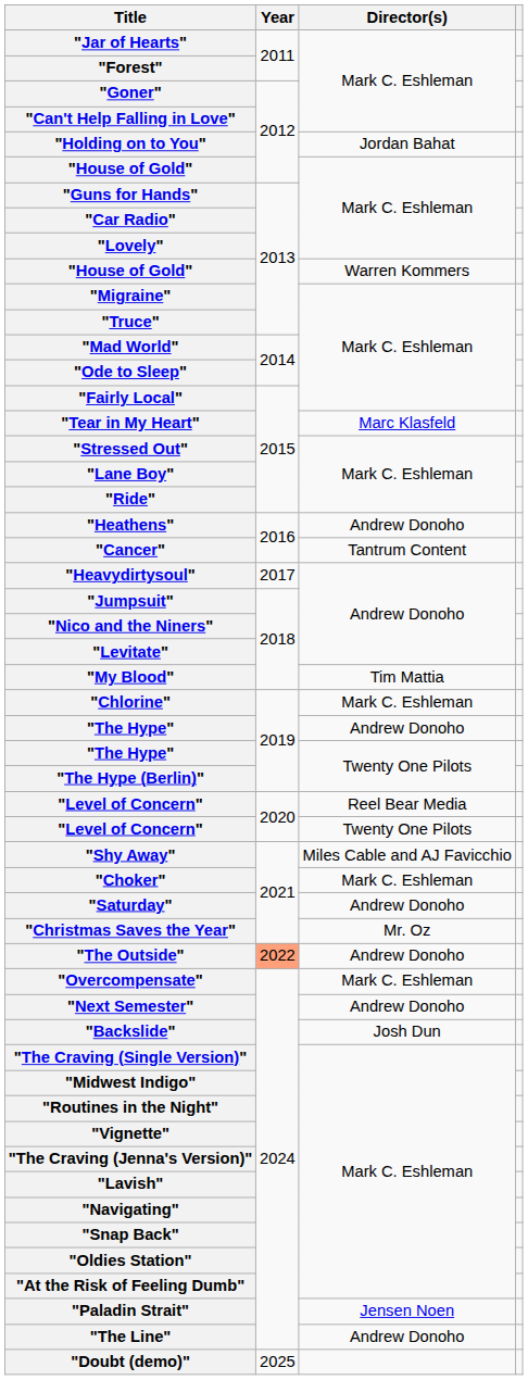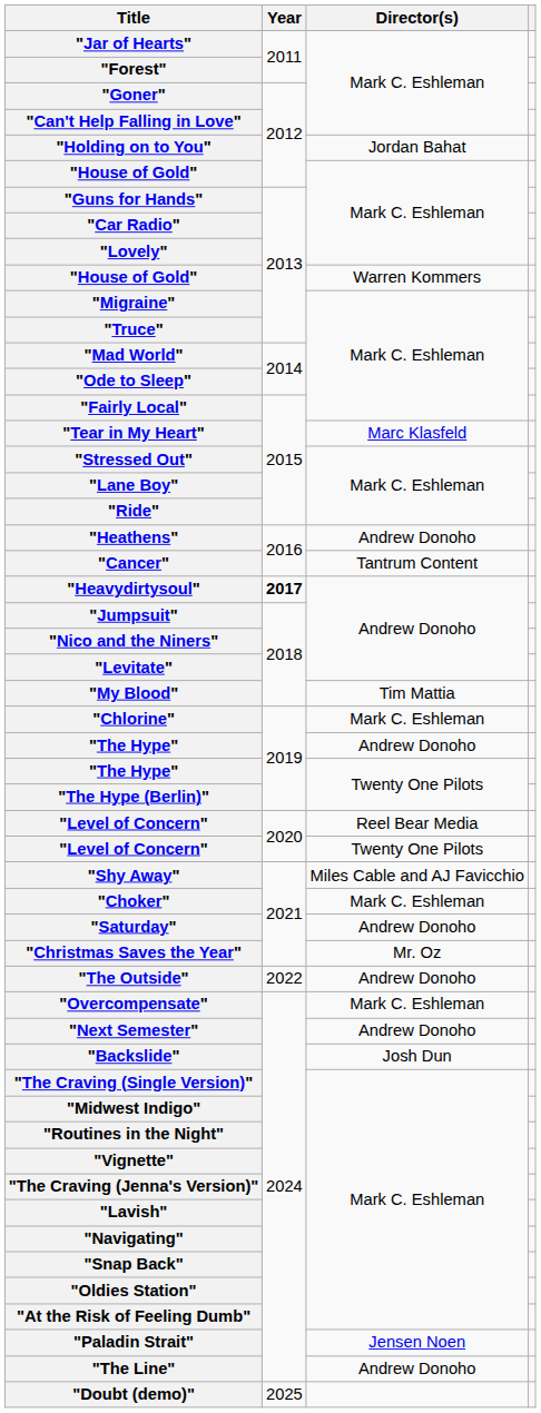 <table class="wikitable plainrowheaders" style="text-align:center;">
 <tr>
 <th scope="col">Title</th>
 <th scope="col">Year</th>
 <th scope="col">Director(s)</th>
 <th scope="col"></th>
 </tr>
 <tr>
 <th scope="row">"<a href='#'>Jar of Hearts</a>"</th>
 <td rowspan="2">2011</td>
 <td rowspan="4">Mark C. Eshleman</td>
 <td></td>
 </tr>
 <tr>
 <th scope="row">"Forest"</th>
 <td></td>
 </tr>
 <tr>
 <th scope="row">"<a href='#'>Goner</a>"</th>
 <td rowspan="4">2012</td>
 <td></td>
 </tr>
 <tr>
 <th scope="row">"<a href='#'>Can't Help Falling in Love</a>"</th>
 <td></td>
 </tr>
 <tr>
 <th scope="row">"<a href='#'>Holding on to You</a>"</th>
 <td>Jordan Bahat</td>
 <td></td>
 </tr>
 <tr>
 <th scope="row">"<a href='#'>House of Gold</a>"</th>
 <td rowspan="4">Mark C. Eshleman</td>
 <td></td>
 </tr>
 <tr>
 <th scope="row">"<a href='#'>Guns for Hands</a>"</th>
 <td rowspan="6">2013</td>
 <td></td>
 </tr>
 <tr>
 <th scope="row">"<a href='#'>Car Radio</a>"</th>
 <td></td>
 </tr>
 <tr>
 <th scope="row">"<a href='#'>Lovely</a>"</th>
 <td></td>
 </tr>
 <tr>
 <th scope="row">"<a href='#'>House of Gold</a>"</th>
 <td>Warren Kommers</td>
 <td></td>
 </tr>
 <tr>
 <th scope="row">"<a href='#'>Migraine</a>"</th>
 <td rowspan="5">Mark C. Eshleman</td>
 <td></td>
 </tr>
 <tr>
 <th scope="row">"<a href='#'>Truce</a>"</th>
 <td></td>
 </tr>
 <tr>
 <th scope="row">"<a href='#'>Mad World</a>"</th>
 <td rowspan="2">2014</td>
 <td></td>
 </tr>
 <tr>
 <th scope="row">"<a href='#'>Ode to Sleep</a>"</th>
 <td></td>
 </tr>
 <tr>
 <th scope="row">"<a href='#'>Fairly Local</a>"</th>
 <td rowspan="5">2015</td>
 <td></td>
 </tr>
 <tr>
 <th scope="row">"<a href='#'>Tear in My Heart</a>"</th>
 <td><a href='#'>Marc Klasfeld</a></td>
 <td></td>
 </tr>
 <tr>
 <th scope="row">"<a href='#'>Stressed Out</a>"</th>
 <td rowspan="3">Mark C. Eshleman</td>
 <td></td>
 </tr>
 <tr>
 <th scope="row">"<a href='#'>Lane Boy</a>"</th>
 <td></td>
 </tr>
 <tr>
 <th scope="row">"<a href='#'>Ride</a>"</th>
 <td></td>
 </tr>
 <tr>
 <th scope="row">"<a href='#'>Heathens</a>"</th>
 <td rowspan="2">2016</td>
 <td>Andrew Donoho</td>
 <td></td>
 </tr>
 <tr>
 <th scope="row">"<a href='#'>Cancer</a>"</th>
 <td>Tantrum Content</td>
 <td></td>
 </tr>
 <tr>
 <th scope="row">"<a href='#'>Heavydirtysoul</a>"</th>
-<td>2017</td>
+<td><strong>2017</strong></td>
 <td rowspan="4">Andrew Donoho</td>
 <td></td>
 </tr>
 <tr>
 <th scope="row">"<a href='#'>Jumpsuit</a>"</th>
 <td rowspan="4">2018</td>
 <td></td>
 </tr>
 <tr>
 <th scope="row">"<a href='#'>Nico and the Niners</a>"</th>
 <td></td>
 </tr>
 <tr>
 <th scope="row">"<a href='#'>Levitate</a>"</th>
 <td></td>
 </tr>
 <tr>
 <th scope="row">"<a href='#'>My Blood</a>"</th>
 <td>Tim Mattia</td>
 <td></td>
 </tr>
 <tr>
 <th scope="row">"<a href='#'>Chlorine</a>"</th>
 <td rowspan="4">2019</td>
 <td>Mark C. Eshleman</td>
 <td></td>
 </tr>
 <tr>
 <th scope="row">"<a href='#'>The Hype</a>"</th>
 <td>Andrew Donoho</td>
 <td></td>
 </tr>
 <tr>
 <th scope="row">"<a href='#'>The Hype</a>"<br></th>
 <td rowspan="2">Twenty One Pilots</td>
 <td></td>
 </tr>
 <tr>
 <th scope="row">"<a href='#'>The Hype (Berlin)</a>"</th>
 <td></td>
 </tr>
 <tr>
 <th scope="row">"<a href='#'>Level of Concern</a>"</th>
 <td rowspan="2">2020</td>
 <td>Reel Bear Media</td>
 <td></td>
 </tr>
 <tr>
 <th scope="row">"<a href='#'>Level of Concern</a>"<br></th>
 <td>Twenty One Pilots</td>
 <td></td>
 </tr>
 <tr>
 <th scope="row">"<a href='#'>Shy Away</a>"</th>
 <td rowspan="4">2021</td>
 <td>Miles Cable and AJ Favicchio</td>
 <td></td>
 </tr>
 <tr>
 <th scope="row">"<a href='#'>Choker</a>"</th>
 <td>Mark C. Eshleman</td>
 <td></td>
 </tr>
 <tr>
 <th scope="row">"<a href='#'>Saturday</a>"</th>
 <td>Andrew Donoho</td>
 <td></td>
 </tr>
 <tr>
 <th scope="row">"<a href='#'>Christmas Saves the Year</a>"</th>
 <td>Mr. Oz</td>
 <td></td>
 </tr>
 <tr>
 <th scope="row">"<a href='#'>The Outside</a>"</th>
-<td style="background: lightsalmon;">2022</td>
+<td>2022</td>
 <td>Andrew Donoho</td>
 <td></td>
 </tr>
 <tr>
 <th scope="row">"<a href='#'>Overcompensate</a>"</th>
 <td rowspan="15">2024</td>
 <td>Mark C. Eshleman</td>
 <td></td>
 </tr>
 <tr>
 <th scope="row">"<a href='#'>Next Semester</a>"</th>
 <td>Andrew Donoho</td>
 <td></td>
 </tr>
 <tr>
 <th scope="row">"<a href='#'>Backslide</a>"</th>
 <td>Josh Dun</td>
 <td></td>
 </tr>
 <tr>
 <th scope="row">"<a href='#'>The Craving (Single Version)</a>"</th>
 <td rowspan="10">Mark C. Eshleman</td>
 <td></td>
 </tr>
 <tr>
 <th scope="row">"Midwest Indigo"</th>
 <td></td>
 </tr>
 <tr>
 <th scope="row">"Routines in the Night"</th>
 <td></td>
 </tr>
 <tr>
 <th scope="row">"Vignette"</th>
 <td></td>
 </tr>
 <tr>
 <th scope="row">"The Craving (Jenna's Version)"</th>
 <td></td>
 </tr>
 <tr>
 <th scope="row">"Lavish"</th>
 <td></td>
 </tr>
 <tr>
 <th scope="row">"Navigating"</th>
 <td></td>
 </tr>
 <tr>
 <th scope="row">"Snap Back"</th>
 <td></td>
 </tr>
 <tr>
 <th scope="row">"Oldies Station"</th>
 <td></td>
 </tr>
 <tr>
 <th scope="row">"At the Risk of Feeling Dumb"</th>
 <td></td>
 </tr>
 <tr>
 <th scope="row">"Paladin Strait"</th>
 <td><a href='#'>Jensen Noen</a></td>
 <td></td>
 </tr>
 <tr>
 <th scope="row">"The Line"</th>
 <td>Andrew Donoho</td>
 <td></td>
 </tr>
 <tr>
 <th scope="row">"Doubt (demo)"</th>
 <td>2025</td>
 <td></td>
 <td></td>
 </tr>
 </table>
